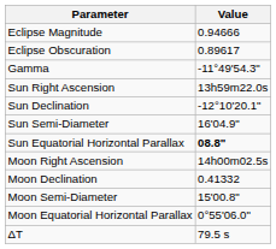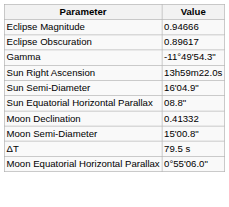 <table class="wikitable">
 <tr>
 <th>Parameter</th>
 <th>Value</th>
 </tr>
 <tr>
 <td>Eclipse Magnitude</td>
 <td>0.94666</td>
 </tr>
 <tr>
 <td>Eclipse Obscuration</td>
 <td>0.89617</td>
 </tr>
 <tr>
 <td>Gamma</td>
 <td>-11°49'54.3"</td>
 </tr>
 <tr>
 <td>Sun Right Ascension</td>
 <td>13h59m22.0s</td>
 </tr>
 <tr>
-<td>Sun Declination</td>
-<td>-12°10'20.1"</td>
-</tr>
-<tr>
 <td>Sun Semi-Diameter</td>
 <td>16'04.9"</td>
 </tr>
 <tr>
 <td>Sun Equatorial Horizontal Parallax</td>
-<td><strong>08.8"</strong></td>
-</tr>
-<tr>
-<td>Moon Right Ascension</td>
-<td>14h00m02.5s</td>
+<td>08.8"</td>
 </tr>
 <tr>
 <td>Moon Declination</td>
 <td>0.41332</td>
 </tr>
 <tr>
 <td>Moon Semi-Diameter</td>
 <td>15'00.8"</td>
 </tr>
 <tr>
+<td>ΔT</td>
+<td>79.5 s</td>
+</tr>
+<tr>
 <td>Moon Equatorial Horizontal Parallax</td>
 <td>0°55'06.0"</td>
 </tr>
-<tr>
-<td>ΔT</td>
-<td>79.5 s</td>
-</tr>
 </table>
